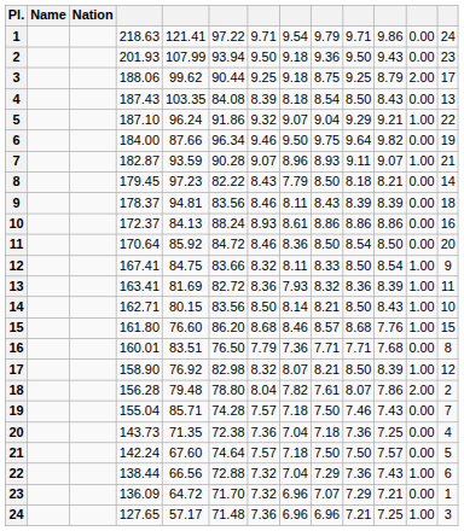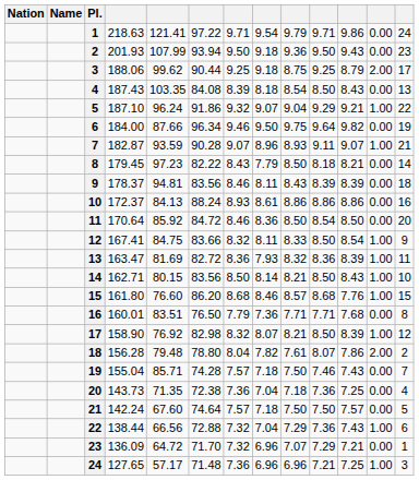 <table class="wikitable sortable" style="text-align:center">
 <tr>
+<th>Nation</th>
+<th>Name</th>
 <th>Pl.</th>
-<th>Name</th>
-<th>Nation</th>
 <th></th>
 <th></th>
 <th></th>
 <th></th>
 <th></th>
 <th></th>
 <th></th>
 <th></th>
 <th></th>
 <th></th>
 </tr>
 <tr>
-<th>1</th>
 <td align="left"></td>
 <td align="left"></td>
+<th>1</th>
 <td>218.63</td>
 <td>121.41</td>
 <td>97.22</td>
 <td>9.71</td>
 <td>9.54</td>
 <td>9.79</td>
 <td>9.71</td>
 <td>9.86</td>
 <td>0.00</td>
 <td>24</td>
 </tr>
 <tr>
-<th>2</th>
 <td align="left"></td>
 <td align="left"></td>
+<th>2</th>
 <td>201.93</td>
 <td>107.99</td>
 <td>93.94</td>
 <td>9.50</td>
 <td>9.18</td>
 <td>9.36</td>
 <td>9.50</td>
 <td>9.43</td>
 <td>0.00</td>
 <td>23</td>
 </tr>
 <tr>
-<th>3</th>
 <td align="left"></td>
 <td align="left"></td>
+<th>3</th>
 <td>188.06</td>
 <td>99.62</td>
 <td>90.44</td>
 <td>9.25</td>
 <td>9.18</td>
 <td>8.75</td>
 <td>9.25</td>
 <td>8.79</td>
 <td>2.00</td>
 <td>17</td>
 </tr>
 <tr>
-<th>4</th>
 <td align="left"></td>
 <td align="left"></td>
+<th>4</th>
 <td>187.43</td>
 <td>103.35</td>
 <td>84.08</td>
 <td>8.39</td>
 <td>8.18</td>
 <td>8.54</td>
 <td>8.50</td>
 <td>8.43</td>
 <td>0.00</td>
 <td>13</td>
 </tr>
 <tr>
-<th>5</th>
 <td align="left"></td>
 <td align="left"></td>
+<th>5</th>
 <td>187.10</td>
 <td>96.24</td>
 <td>91.86</td>
 <td>9.32</td>
 <td>9.07</td>
 <td>9.04</td>
 <td>9.29</td>
 <td>9.21</td>
 <td>1.00</td>
 <td>22</td>
 </tr>
 <tr>
-<th>6</th>
 <td align="left"></td>
 <td align="left"></td>
+<th>6</th>
 <td>184.00</td>
 <td>87.66</td>
 <td>96.34</td>
 <td>9.46</td>
 <td>9.50</td>
 <td>9.75</td>
 <td>9.64</td>
 <td>9.82</td>
 <td>0.00</td>
 <td>19</td>
 </tr>
 <tr>
-<th>7</th>
 <td align="left"></td>
 <td align="left"></td>
+<th>7</th>
 <td>182.87</td>
 <td>93.59</td>
 <td>90.28</td>
 <td>9.07</td>
 <td>8.96</td>
 <td>8.93</td>
 <td>9.11</td>
 <td>9.07</td>
 <td>1.00</td>
 <td>21</td>
 </tr>
 <tr>
-<th>8</th>
 <td align="left"></td>
 <td align="left"></td>
+<th>8</th>
 <td>179.45</td>
 <td>97.23</td>
 <td>82.22</td>
 <td>8.43</td>
 <td>7.79</td>
 <td>8.50</td>
 <td>8.18</td>
 <td>8.21</td>
 <td>0.00</td>
 <td>14</td>
 </tr>
 <tr>
-<th>9</th>
 <td align="left"></td>
 <td align="left"></td>
+<th>9</th>
 <td>178.37</td>
 <td>94.81</td>
 <td>83.56</td>
 <td>8.46</td>
 <td>8.11</td>
 <td>8.43</td>
 <td>8.39</td>
 <td>8.39</td>
 <td>0.00</td>
 <td>18</td>
 </tr>
 <tr>
-<th>10</th>
 <td align="left"></td>
 <td align="left"></td>
+<th>10</th>
 <td>172.37</td>
 <td>84.13</td>
 <td>88.24</td>
 <td>8.93</td>
 <td>8.61</td>
 <td>8.86</td>
 <td>8.86</td>
 <td>8.86</td>
 <td>0.00</td>
 <td>16</td>
 </tr>
 <tr>
-<th>11</th>
 <td align="left"></td>
 <td align="left"></td>
+<th>11</th>
 <td>170.64</td>
 <td>85.92</td>
 <td>84.72</td>
 <td>8.46</td>
 <td>8.36</td>
 <td>8.50</td>
 <td>8.54</td>
 <td>8.50</td>
 <td>0.00</td>
 <td>20</td>
 </tr>
 <tr>
-<th>12</th>
 <td align="left"></td>
 <td align="left"></td>
+<th>12</th>
 <td>167.41</td>
 <td>84.75</td>
 <td>83.66</td>
 <td>8.32</td>
 <td>8.11</td>
 <td>8.33</td>
 <td>8.50</td>
 <td>8.54</td>
 <td>1.00</td>
 <td>9</td>
 </tr>
 <tr>
-<th>13</th>
 <td align="left"></td>
 <td align="left"></td>
-<td>163.41</td>
+<th>13</th>
+<td>163.47</td>
 <td>81.69</td>
 <td>82.72</td>
 <td>8.36</td>
 <td>7.93</td>
 <td>8.32</td>
 <td>8.36</td>
 <td>8.39</td>
 <td>1.00</td>
 <td>11</td>
 </tr>
 <tr>
-<th>14</th>
 <td align="left"></td>
 <td align="left"></td>
+<th>14</th>
 <td>162.71</td>
 <td>80.15</td>
 <td>83.56</td>
 <td>8.50</td>
 <td>8.14</td>
 <td>8.21</td>
 <td>8.50</td>
 <td>8.43</td>
 <td>1.00</td>
 <td>10</td>
 </tr>
 <tr>
-<th>15</th>
 <td align="left"></td>
 <td align="left"></td>
+<th>15</th>
 <td>161.80</td>
 <td>76.60</td>
 <td>86.20</td>
 <td>8.68</td>
 <td>8.46</td>
 <td>8.57</td>
 <td>8.68</td>
 <td>7.76</td>
 <td>1.00</td>
 <td>15</td>
 </tr>
 <tr>
-<th>16</th>
 <td align="left"></td>
 <td align="left"></td>
+<th>16</th>
 <td>160.01</td>
 <td>83.51</td>
 <td>76.50</td>
 <td>7.79</td>
 <td>7.36</td>
 <td>7.71</td>
 <td>7.71</td>
 <td>7.68</td>
 <td>0.00</td>
 <td>8</td>
 </tr>
 <tr>
-<th>17</th>
 <td align="left"></td>
 <td align="left"></td>
+<th>17</th>
 <td>158.90</td>
 <td>76.92</td>
 <td>82.98</td>
 <td>8.32</td>
 <td>8.07</td>
 <td>8.21</td>
 <td>8.50</td>
 <td>8.39</td>
 <td>1.00</td>
 <td>12</td>
 </tr>
 <tr>
-<th>18</th>
 <td align="left"></td>
 <td align="left"></td>
+<th>18</th>
 <td>156.28</td>
 <td>79.48</td>
 <td>78.80</td>
 <td>8.04</td>
 <td>7.82</td>
 <td>7.61</td>
 <td>8.07</td>
 <td>7.86</td>
 <td>2.00</td>
 <td>2</td>
 </tr>
 <tr>
-<th>19</th>
 <td align="left"></td>
 <td align="left"></td>
+<th>19</th>
 <td>155.04</td>
 <td>85.71</td>
 <td>74.28</td>
 <td>7.57</td>
 <td>7.18</td>
 <td>7.50</td>
 <td>7.46</td>
 <td>7.43</td>
 <td>0.00</td>
 <td>7</td>
 </tr>
 <tr>
-<th>20</th>
 <td align="left"></td>
 <td align="left"></td>
+<th>20</th>
 <td>143.73</td>
 <td>71.35</td>
 <td>72.38</td>
 <td>7.36</td>
 <td>7.04</td>
 <td>7.18</td>
 <td>7.36</td>
 <td>7.25</td>
 <td>0.00</td>
 <td>4</td>
 </tr>
 <tr>
-<th>21</th>
 <td align="left"></td>
 <td align="left"></td>
+<th>21</th>
 <td>142.24</td>
 <td>67.60</td>
 <td>74.64</td>
 <td>7.57</td>
 <td>7.18</td>
 <td>7.50</td>
 <td>7.50</td>
 <td>7.57</td>
 <td>0.00</td>
 <td>5</td>
 </tr>
 <tr>
-<th>22</th>
 <td align="left"></td>
 <td align="left"></td>
+<th>22</th>
 <td>138.44</td>
 <td>66.56</td>
 <td>72.88</td>
 <td>7.32</td>
 <td>7.04</td>
 <td>7.29</td>
 <td>7.36</td>
 <td>7.43</td>
 <td>1.00</td>
 <td>6</td>
 </tr>
 <tr>
-<th>23</th>
 <td align="left"></td>
 <td align="left"></td>
+<th>23</th>
 <td>136.09</td>
 <td>64.72</td>
 <td>71.70</td>
 <td>7.32</td>
 <td>6.96</td>
 <td>7.07</td>
 <td>7.29</td>
 <td>7.21</td>
 <td>0.00</td>
 <td>1</td>
 </tr>
 <tr>
-<th>24</th>
 <td align="left"></td>
 <td align="left"></td>
+<th>24</th>
 <td>127.65</td>
 <td>57.17</td>
 <td>71.48</td>
 <td>7.36</td>
 <td>6.96</td>
 <td>6.96</td>
 <td>7.21</td>
 <td>7.25</td>
 <td>1.00</td>
 <td>3</td>
 </tr>
 </table>
